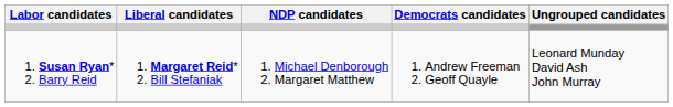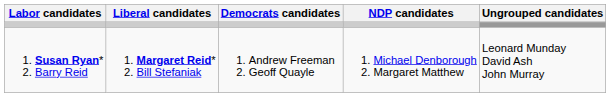 <table class="wikitable">
 <tr>
 <th><a href='#'>Labor</a> candidates</th>
 <th><a href='#'>Liberal</a> candidates</th>
+<th><a href='#'>Democrats</a> candidates</th>
 <th><a href='#'>NDP</a> candidates</th>
-<th><a href='#'>Democrats</a> candidates</th>
 <th>Ungrouped candidates</th>
 </tr>
 <tr bgcolor="#cccccc">
 <td></td>
 <td></td>
 <td></td>
 <td></td>
 <td bgcolor="#999999"></td>
 </tr>
 <tr>
 <td><br><ol><li><strong><a href='#'>Susan Ryan</a></strong>*</li><li><a href='#'>Barry Reid</a></li></ol></td>
 <td><br><ol><li><strong><a href='#'>Margaret Reid</a></strong>*</li><li><a href='#'>Bill Stefaniak</a></li></ol></td>
+<td valign=top><br><ol><li>Andrew Freeman</li><li>Geoff Quayle</li></ol></td>
 <td valign=top><br><ol><li><a href='#'>Michael Denborough</a></li><li>Margaret Matthew</li></ol></td>
-<td valign=top><br><ol><li>Andrew Freeman</li><li>Geoff Quayle</li></ol></td>
 <td valign=top><br>Leonard Munday<br> David Ash<br> John Murray</td>
 </tr>
 </table>
